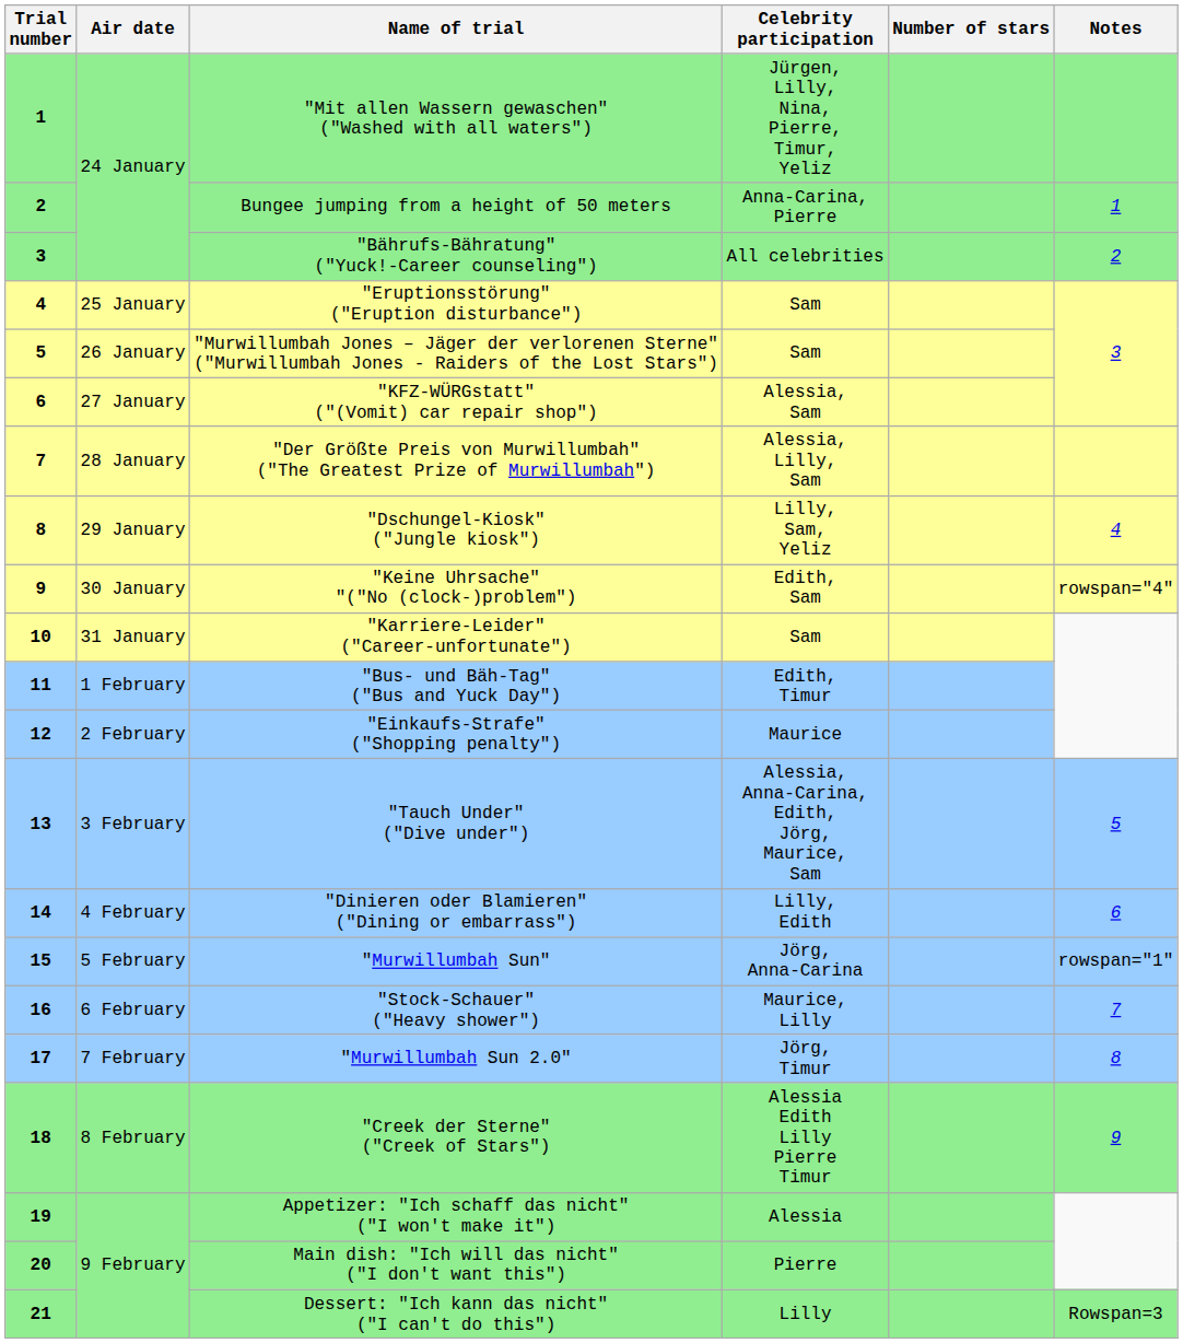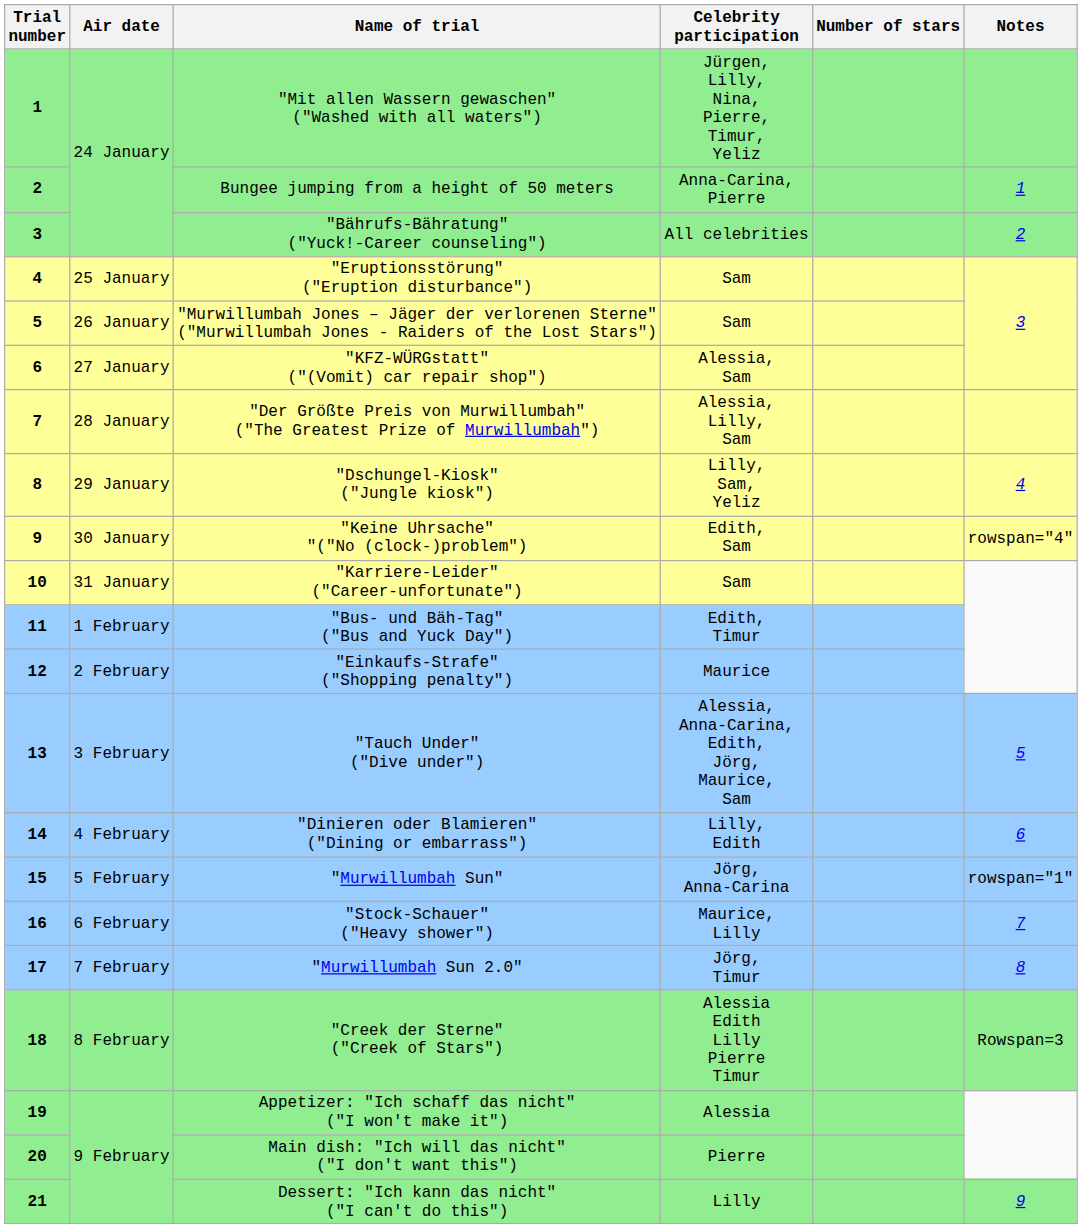 <table class=wikitable style="text-align:center">
 <tr>
 <th scope="col">Trial<br>number</th>
 <th scope="col">Air date</th>
 <th scope="col">Name of trial</th>
 <th scope="col">Celebrity<br>participation</th>
 <th scope="col">Number of stars</th>
 <th scope="col">Notes</th>
 </tr>
 <tr style="background:lightgreen">
 <td><strong>1</strong></td>
 <td rowspan="3">24 January</td>
 <td>"Mit allen Wassern gewaschen"<br>("Washed with all waters")</td>
 <td>Jürgen,<br>Lilly,<br>Nina,<br>Pierre,<br>Timur,<br>Yeliz</td>
 <td></td>
 <td></td>
 </tr>
 <tr style="background:lightgreen">
 <td><strong>2</strong></td>
 <td>Bungee jumping from a height of 50 meters</td>
 <td>Anna-Carina,<br>Pierre</td>
 <td></td>
 <td><em><a href='#'>1</a></em></td>
 </tr>
 <tr style="background:lightgreen">
 <td><strong>3</strong></td>
 <td>"Bährufs-Bähratung"<br>("Yuck!-Career counseling")</td>
 <td>All celebrities</td>
 <td></td>
 <td><em><a href='#'>2</a></em></td>
 </tr>
 <tr style="background:#FFFF99">
 <td><strong>4</strong></td>
 <td>25 January</td>
 <td>"Eruptionsstörung"<br>("Eruption disturbance")</td>
 <td>Sam</td>
 <td></td>
 <td rowspan="3"><em><a href='#'>3</a></em></td>
 </tr>
 <tr style="background:#FFFF99">
 <td><strong>5</strong></td>
 <td>26 January</td>
 <td>"Murwillumbah Jones – Jäger der verlorenen Sterne"<br>("Murwillumbah Jones - Raiders of the Lost Stars")</td>
 <td>Sam</td>
 <td></td>
 </tr>
 <tr style="background:#FFFF99">
 <td><strong>6</strong></td>
 <td>27 January</td>
 <td>"KFZ-WÜRGstatt"<br>("(Vomit) car repair shop")</td>
 <td>Alessia,<br>Sam</td>
 <td></td>
 </tr>
 <tr style="background:#FFFF99">
 <td><strong>7</strong></td>
 <td>28 January</td>
 <td>"Der Größte Preis von Murwillumbah"<br>("The Greatest Prize of <a href='#'>Murwillumbah</a>")</td>
 <td>Alessia,<br>Lilly,<br>Sam</td>
 <td></td>
 <td></td>
 </tr>
 <tr style="background:#FFFF99">
 <td><strong>8</strong></td>
 <td>29 January</td>
 <td>"Dschungel-Kiosk"<br>("Jungle kiosk")</td>
 <td>Lilly,<br>Sam,<br>Yeliz</td>
 <td></td>
 <td><em><a href='#'>4</a></em></td>
 </tr>
 <tr style="background:#FFFF99">
 <td><strong>9</strong></td>
 <td>30 January</td>
 <td>"Keine Uhrsache"<br>"("No (clock-)problem")</td>
 <td>Edith,<br>Sam</td>
 <td></td>
 <td>rowspan="4" </td>
 </tr>
 <tr style="background:#FFFF99">
 <td><strong>10</strong></td>
 <td>31 January</td>
 <td>"Karriere-Leider"<br>("Career-unfortunate")</td>
 <td>Sam</td>
 <td></td>
 </tr>
 <tr style="background:#99CCFF">
 <td><strong>11</strong></td>
 <td>1 February</td>
 <td>"Bus- und Bäh-Tag"<br>("Bus and Yuck Day")</td>
 <td>Edith,<br>Timur</td>
 <td></td>
 </tr>
 <tr style="background:#99CCFF">
 <td><strong>12</strong></td>
 <td>2 February</td>
 <td>"Einkaufs-Strafe"<br>("Shopping penalty")</td>
 <td>Maurice</td>
 <td></td>
 </tr>
 <tr style="background:#99CCFF">
 <td><strong>13</strong></td>
 <td>3 February</td>
 <td>"Tauch Under"<br>("Dive under")</td>
 <td>Alessia,<br>Anna-Carina,<br>Edith,<br>Jörg,<br>Maurice,<br>Sam</td>
 <td></td>
 <td><em><a href='#'>5</a></em></td>
 </tr>
 <tr style="background:#99CCFF">
 <td><strong>14</strong></td>
 <td>4 February</td>
 <td>"Dinieren oder Blamieren"<br>("Dining or embarrass")</td>
 <td>Lilly,<br>Edith</td>
 <td></td>
 <td><em><a href='#'>6</a></em></td>
 </tr>
 <tr style="background:#99CCFF">
 <td><strong>15</strong></td>
 <td>5 February</td>
 <td>"<a href='#'>Murwillumbah</a> Sun"</td>
 <td>Jörg,<br>Anna-Carina</td>
 <td></td>
 <td>rowspan="1" </td>
 </tr>
 <tr style="background:#99CCFF">
 <td><strong>16</strong></td>
 <td>6 February</td>
 <td>"Stock-Schauer"<br>("Heavy shower")</td>
 <td>Maurice,<br>Lilly</td>
 <td></td>
 <td><em><a href='#'>7</a></em></td>
 </tr>
 <tr style="background:#99CCFF">
 <td><strong>17</strong></td>
 <td>7 February</td>
 <td>"<a href='#'>Murwillumbah</a> Sun 2.0"</td>
 <td>Jörg,<br>Timur</td>
 <td></td>
 <td><em><a href='#'>8</a></em></td>
 </tr>
 <tr style="background:lightgreen">
 <td><strong>18</strong></td>
 <td>8 February</td>
 <td>"Creek der Sterne"<br>("Creek of Stars")</td>
 <td>Alessia<br>Edith<br>Lilly<br>Pierre<br>Timur</td>
 <td></td>
-<td><em><a href='#'>9</a></em></td>
+<td>Rowspan=3 </td>
 </tr>
 <tr style="background:lightgreen">
 <td><strong>19</strong></td>
 <td rowspan="3">9 February</td>
 <td>Appetizer: "Ich schaff das nicht"<br>("I won't make it")</td>
 <td>Alessia</td>
 <td></td>
 </tr>
 <tr style="background:lightgreen">
 <td><strong>20</strong></td>
 <td>Main dish: "Ich will das nicht"<br>("I don't want this")</td>
 <td>Pierre</td>
 <td></td>
 </tr>
 <tr style="background:lightgreen">
 <td><strong>21</strong></td>
 <td>Dessert: "Ich kann das nicht"<br>("I can't do this")</td>
 <td>Lilly</td>
 <td></td>
-<td>Rowspan=3 </td>
+<td><em><a href='#'>9</a></em></td>
 </tr>
 </table>
